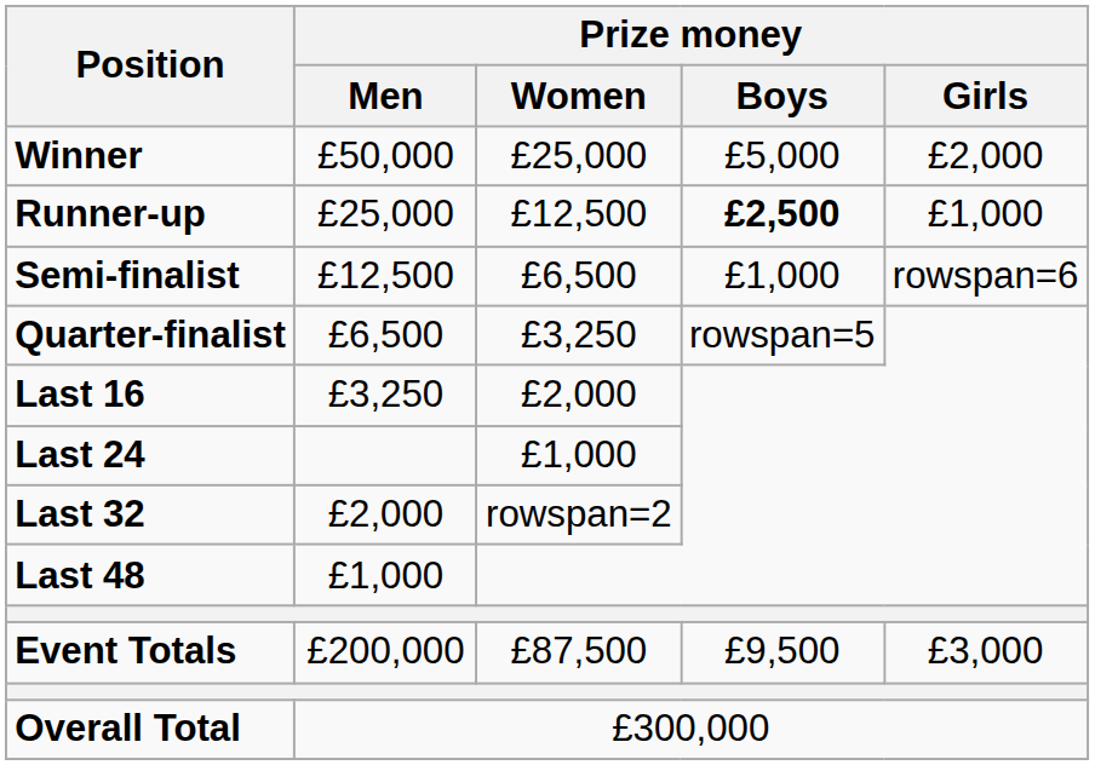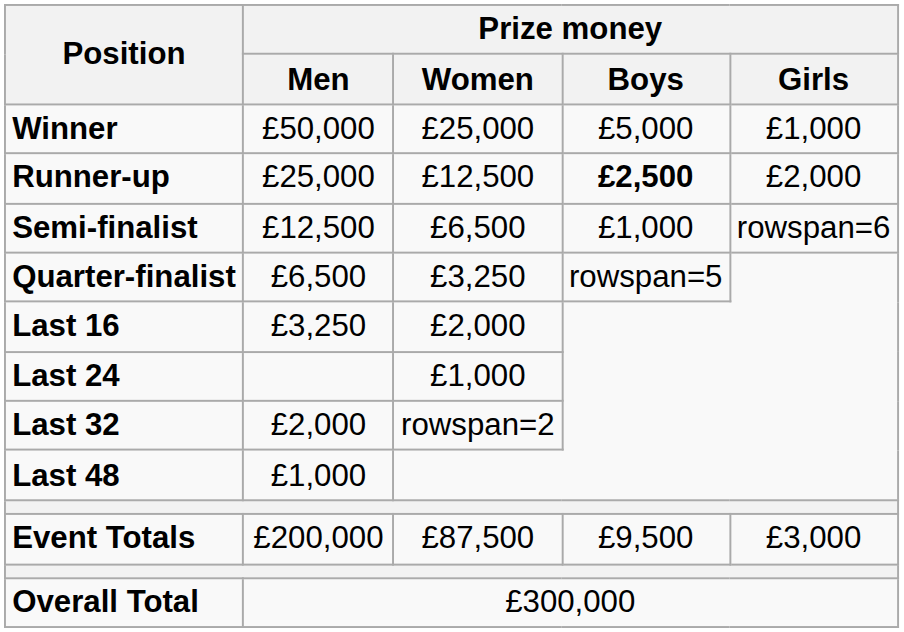 <table class="wikitable">
 <tr>
 <th rowspan=2>Position</th>
 <th colspan=4>Prize money</th>
 </tr>
 <tr>
 <th width=70px>Men</th>
 <th width=70px>Women</th>
 <th width=70px>Boys</th>
 <th width=70px>Girls</th>
 </tr>
 <tr>
 <td><strong>Winner</strong></td>
 <td align="center">£50,000</td>
 <td align="center">£25,000</td>
 <td align="center">£5,000</td>
-<td align="center">£2,000</td>
+<td align="center">£1,000</td>
 </tr>
 <tr>
 <td><strong>Runner-up</strong></td>
 <td align="center">£25,000</td>
 <td align="center">£12,500</td>
 <td align="center"><strong>£2,500</strong></td>
-<td align="center">£1,000</td>
+<td align="center">£2,000</td>
 </tr>
 <tr>
 <td><strong>Semi-finalist</strong></td>
 <td align="center">£12,500</td>
 <td align="center">£6,500</td>
 <td align="center">£1,000</td>
 <td>rowspan=6 </td>
 </tr>
 <tr>
 <td><strong>Quarter-finalist</strong></td>
 <td align="center">£6,500</td>
 <td align="center">£3,250</td>
 <td>rowspan=5 </td>
 </tr>
 <tr>
 <td><strong>Last 16</strong></td>
 <td align="center">£3,250</td>
 <td align="center">£2,000</td>
 </tr>
 <tr>
 <td><strong>Last 24</strong></td>
 <td></td>
 <td align="center">£1,000</td>
 </tr>
 <tr>
 <td><strong>Last 32</strong></td>
 <td align="center">£2,000</td>
 <td>rowspan=2 </td>
 </tr>
 <tr>
 <td><strong>Last 48</strong></td>
 <td align="center">£1,000</td>
 </tr>
 <tr>
 <th colspan="5"></th>
 </tr>
 <tr>
 <td><strong>Event Totals</strong></td>
 <td align="center">£200,000</td>
 <td align="center">£87,500</td>
 <td align="center">£9,500</td>
 <td align="center">£3,000</td>
 </tr>
 <tr>
 <th colspan="5"></th>
 </tr>
 <tr>
 <td><strong>Overall Total</strong></td>
 <td colspan="5" align="center">£300,000</td>
 </tr>
 </table>
